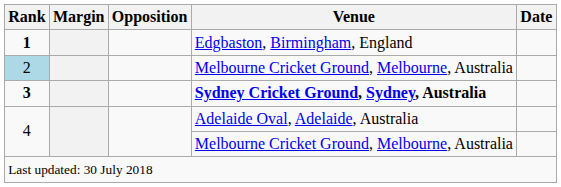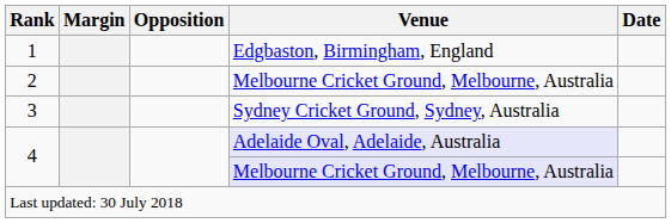 <table class="wikitable plainrowheaders sortable">
 <tr>
 <th scope=col>Rank</th>
 <th scope=col>Margin</th>
 <th scope=col>Opposition</th>
 <th scope=col>Venue</th>
 <th scope=col>Date</th>
 </tr>
 <tr>
-<td align=center><strong>1</strong></td>
+<td align=center>1</td>
 <th scope=row style=text-align:center;></th>
 <td></td>
 <td><a href='#'>Edgbaston</a>, <a href='#'>Birmingham</a>, England</td>
 <td><a href='#'></a></td>
 </tr>
 <tr>
-<td align=center style="background: lightblue;">2</td>
+<td align=center>2</td>
 <th scope=row style=text-align:center;></th>
 <td></td>
 <td><a href='#'>Melbourne Cricket Ground</a>, <a href='#'>Melbourne</a>, Australia</td>
 <td><a href='#'></a></td>
 </tr>
 <tr>
-<td align=center><strong>3</strong></td>
+<td align=center>3</td>
 <th scope=row style=text-align:center;></th>
 <td></td>
-<td><strong><a href='#'>Sydney Cricket Ground</a>, <a href='#'>Sydney</a>, Australia</strong></td>
+<td><a href='#'>Sydney Cricket Ground</a>, <a href='#'>Sydney</a>, Australia</td>
 <td><a href='#'></a></td>
 </tr>
 <tr>
 <td align=center rowspan=2>4</td>
 <th scope=row style=text-align:center; rowspan=2></th>
 <td rowspan=2></td>
-<td><a href='#'>Adelaide Oval</a>, <a href='#'>Adelaide</a>, Australia</td>
+<td style="background: lavender;"><a href='#'>Adelaide Oval</a>, <a href='#'>Adelaide</a>, Australia</td>
 <td><a href='#'></a></td>
 </tr>
 <tr>
-<td><a href='#'>Melbourne Cricket Ground</a>, <a href='#'>Melbourne</a>, Australia</td>
+<td style="background: lavender;"><a href='#'>Melbourne Cricket Ground</a>, <a href='#'>Melbourne</a>, Australia</td>
 <td><a href='#'></a></td>
 </tr>
 <tr class=sortbottom>
 <td colspan=5><small>Last updated: 30 July 2018</small></td>
 </tr>
 </table>
